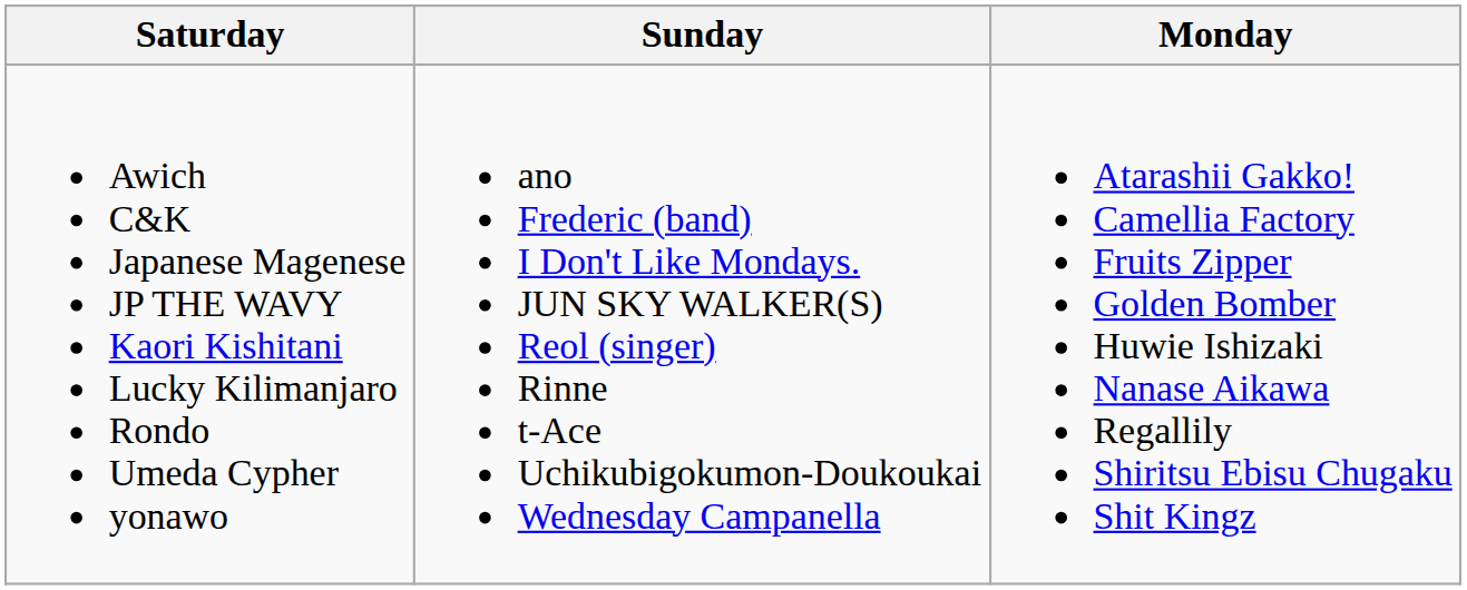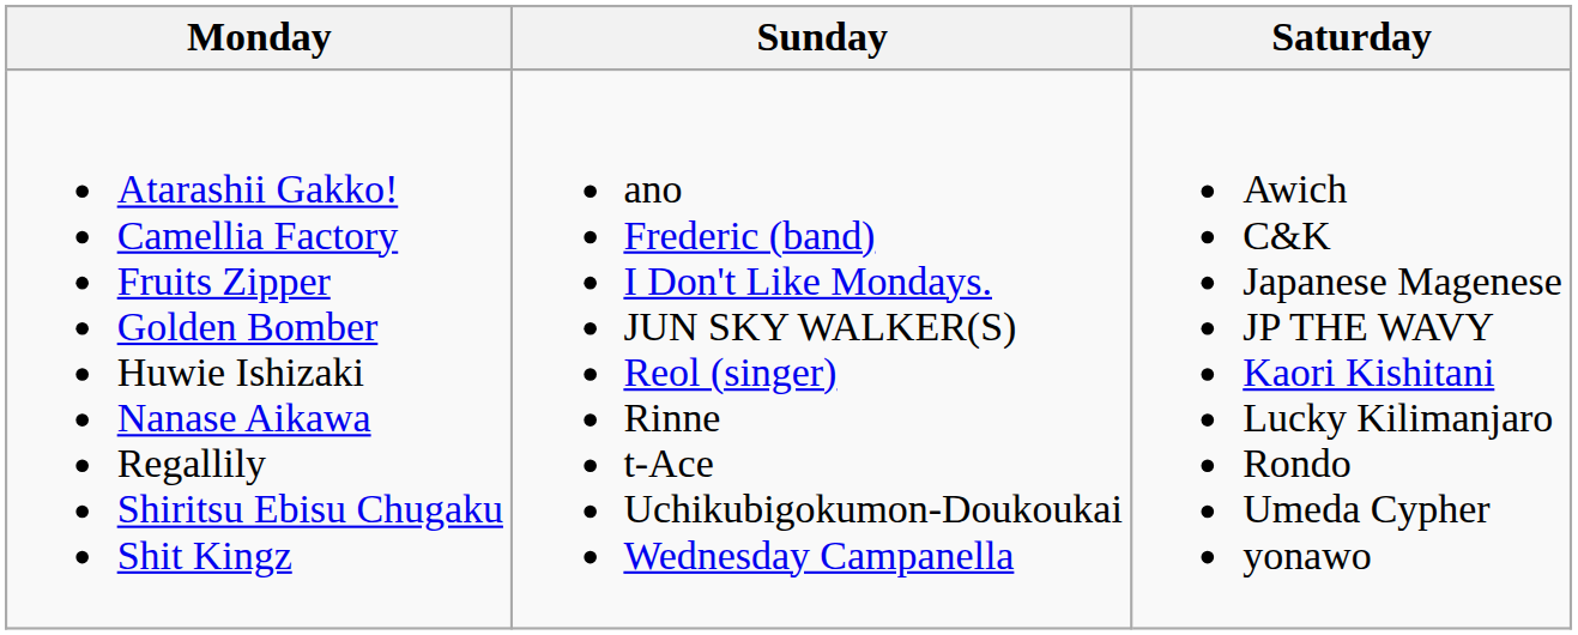 <table class="wikitable">
 <tr>
+<th>Monday</th>
+<th>Sunday</th>
 <th>Saturday</th>
-<th>Sunday</th>
-<th>Monday</th>
 </tr>
 <tr valign="top">
+<td><br><ul><li><a href='#'>Atarashii Gakko!</a></li><li><a href='#'>Camellia Factory</a></li><li><a href='#'>Fruits Zipper</a></li><li><a href='#'>Golden Bomber</a></li><li>Huwie Ishizaki</li><li><a href='#'>Nanase Aikawa</a></li><li>Regallily</li><li><a href='#'>Shiritsu Ebisu Chugaku</a></li><li><a href='#'>Shit Kingz</a></li></ul></td>
+<td><br><ul><li>ano</li><li><a href='#'>Frederic (band)</a></li><li><a href='#'>I Don't Like Mondays.</a></li><li>JUN SKY WALKER(S)</li><li><a href='#'>Reol (singer)</a></li><li>Rinne</li><li>t-Ace</li><li>Uchikubigokumon-Doukoukai</li><li><a href='#'>Wednesday Campanella</a></li></ul></td>
 <td><br><ul><li>Awich</li><li>C&K</li><li>Japanese Magenese</li><li>JP THE WAVY</li><li><a href='#'>Kaori Kishitani</a></li><li>Lucky Kilimanjaro</li><li>Rondo</li><li>Umeda Cypher</li><li>yonawo</li></ul></td>
-<td><br><ul><li>ano</li><li><a href='#'>Frederic (band)</a></li><li><a href='#'>I Don't Like Mondays.</a></li><li>JUN SKY WALKER(S)</li><li><a href='#'>Reol (singer)</a></li><li>Rinne</li><li>t-Ace</li><li>Uchikubigokumon-Doukoukai</li><li><a href='#'>Wednesday Campanella</a></li></ul></td>
-<td><br><ul><li><a href='#'>Atarashii Gakko!</a></li><li><a href='#'>Camellia Factory</a></li><li><a href='#'>Fruits Zipper</a></li><li><a href='#'>Golden Bomber</a></li><li>Huwie Ishizaki</li><li><a href='#'>Nanase Aikawa</a></li><li>Regallily</li><li><a href='#'>Shiritsu Ebisu Chugaku</a></li><li><a href='#'>Shit Kingz</a></li></ul></td>
 </tr>
 </table>
